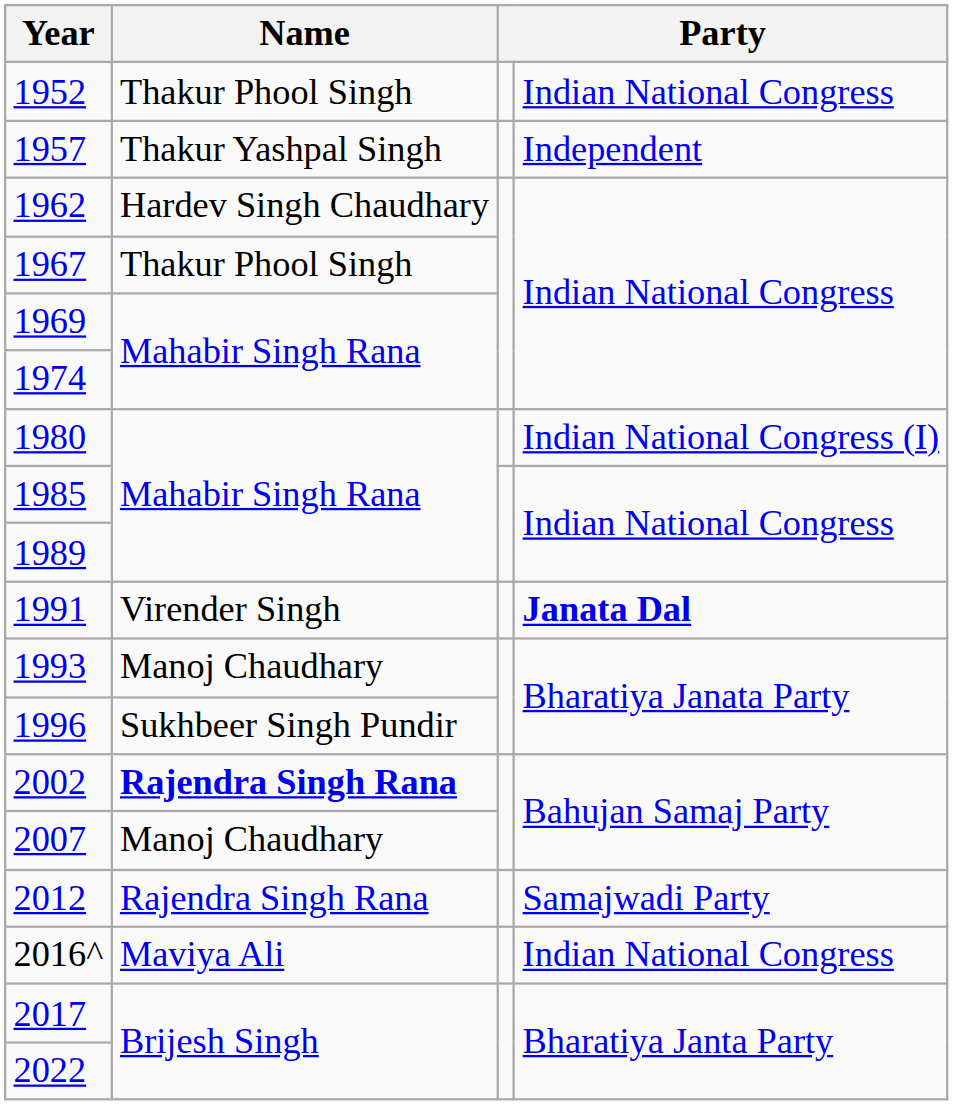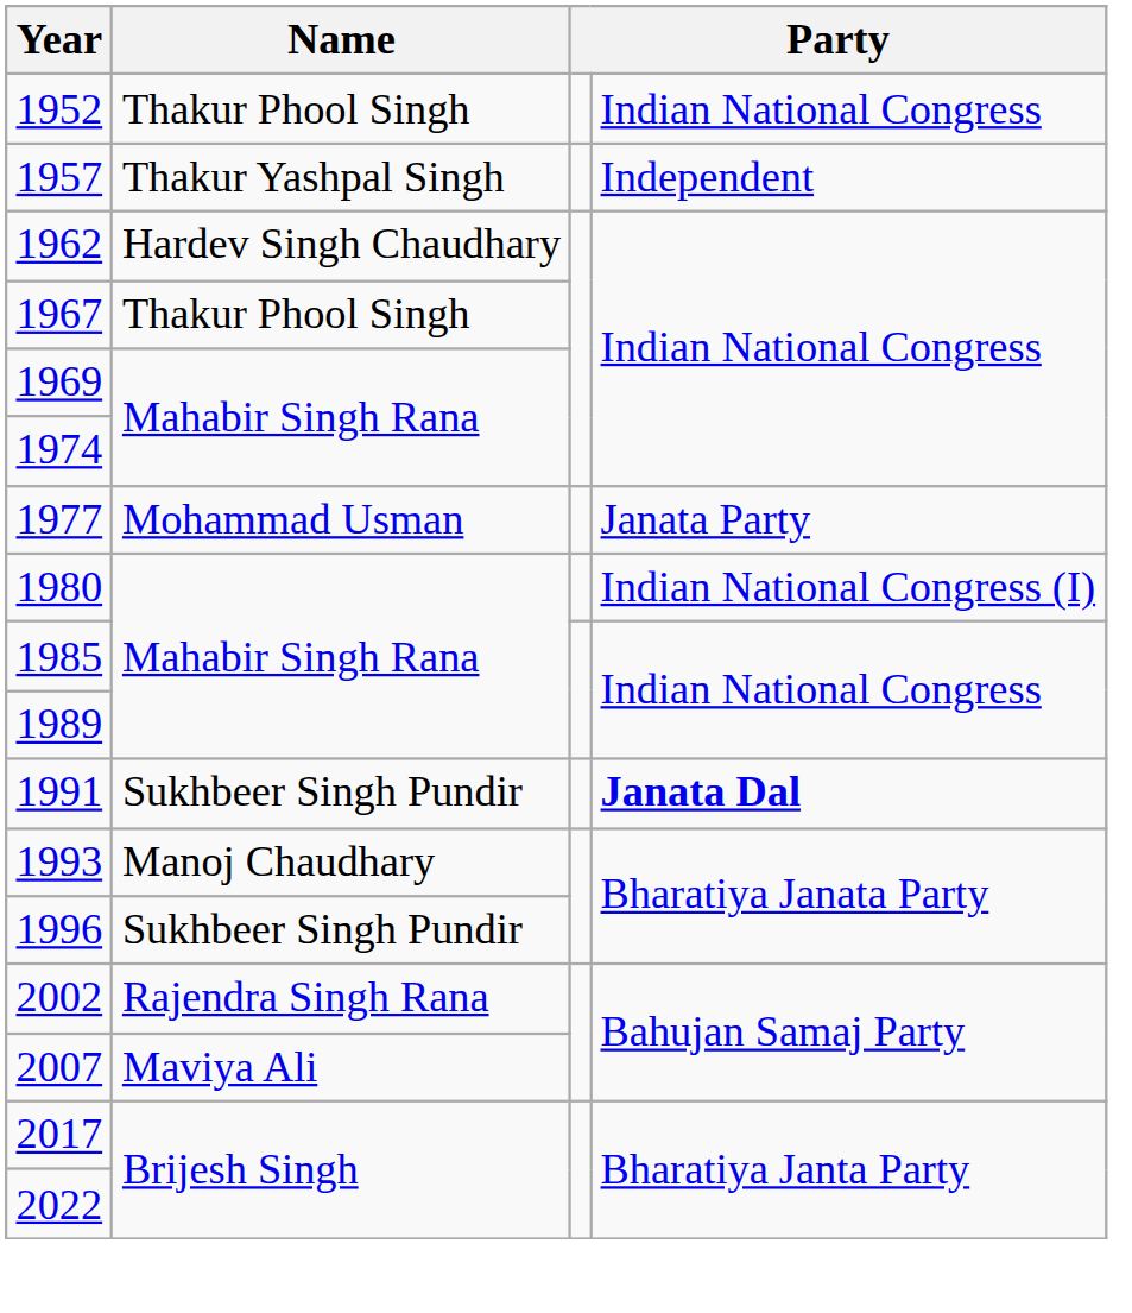 <table class="wikitable">
 <tr>
 <th>Year</th>
 <th>Name</th>
 <th colspan="2">Party</th>
 </tr>
 <tr>
 <td><a href='#'>1952</a></td>
 <td>Thakur Phool Singh</td>
 <td style="background-color: "></td>
 <td><a href='#'>Indian National Congress</a></td>
 </tr>
 <tr>
 <td><a href='#'>1957</a></td>
 <td>Thakur Yashpal Singh</td>
 <td style="background-color: "></td>
 <td><a href='#'>Independent</a></td>
 </tr>
 <tr>
 <td><a href='#'>1962</a></td>
 <td>Hardev Singh Chaudhary</td>
 <td rowspan="4" style="background-color: "></td>
 <td rowspan="4"><a href='#'>Indian National Congress</a></td>
 </tr>
 <tr>
 <td><a href='#'>1967</a></td>
 <td>Thakur Phool Singh</td>
 </tr>
 <tr>
 <td><a href='#'>1969</a></td>
 <td rowspan="2"><a href='#'>Mahabir Singh Rana</a></td>
 </tr>
 <tr>
 <td><a href='#'>1974</a></td>
 </tr>
 <tr>
+<td><a href='#'>1977</a></td>
+<td><a href='#'>Mohammad Usman</a></td>
+<td style="background-color: "></td>
+<td><a href='#'>Janata Party</a></td>
+</tr>
+<tr>
 <td><a href='#'>1980</a></td>
 <td rowspan="3"><a href='#'>Mahabir Singh Rana</a></td>
 <td style="background-color: "></td>
 <td><a href='#'>Indian National Congress (I)</a></td>
 </tr>
 <tr>
 <td><a href='#'>1985</a></td>
 <td rowspan="2" style="background-color: "></td>
 <td rowspan="2"><a href='#'>Indian National Congress</a></td>
 </tr>
 <tr>
 <td><a href='#'>1989</a></td>
 </tr>
 <tr>
 <td><a href='#'>1991</a></td>
-<td>Virender Singh</td>
+<td>Sukhbeer Singh Pundir</td>
 <td style="background-color: "></td>
 <td><strong><a href='#'>Janata Dal</a></strong></td>
 </tr>
 <tr>
 <td><a href='#'>1993</a></td>
 <td>Manoj Chaudhary</td>
 <td rowspan="2" style="background-color: "></td>
 <td rowspan="2"><a href='#'>Bharatiya Janata Party</a></td>
 </tr>
 <tr>
 <td><a href='#'>1996</a></td>
 <td>Sukhbeer Singh Pundir</td>
 </tr>
 <tr>
 <td><a href='#'>2002</a></td>
-<td><strong><a href='#'>Rajendra Singh Rana</a></strong></td>
+<td><a href='#'>Rajendra Singh Rana</a></td>
 <td rowspan="2" style="background-color: "></td>
 <td rowspan="2"><a href='#'>Bahujan Samaj Party</a></td>
 </tr>
 <tr>
 <td><a href='#'>2007</a></td>
-<td>Manoj Chaudhary</td>
-</tr>
-<tr>
-<td><a href='#'>2012</a></td>
-<td><a href='#'>Rajendra Singh Rana</a></td>
-<td style="background-color: "></td>
-<td><a href='#'>Samajwadi Party</a></td>
-</tr>
-<tr>
-<td>2016^</td>
 <td><a href='#'>Maviya Ali</a></td>
-<td style="background-color: "></td>
-<td><a href='#'>Indian National Congress</a></td>
 </tr>
 <tr>
 <td><a href='#'>2017</a></td>
 <td rowspan="2"><a href='#'>Brijesh Singh</a></td>
 <td rowspan="2" style="background-color: "></td>
 <td rowspan="2"><a href='#'>Bharatiya Janta Party</a></td>
 </tr>
 <tr>
 <td><a href='#'>2022</a></td>
 </tr>
 </table>
